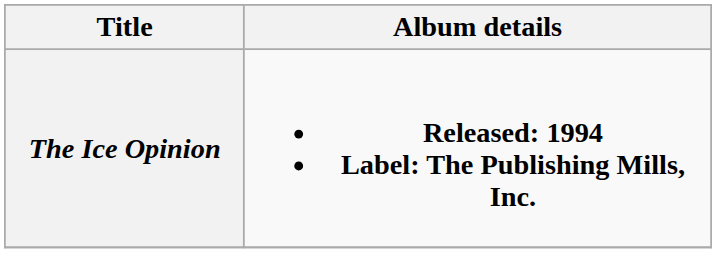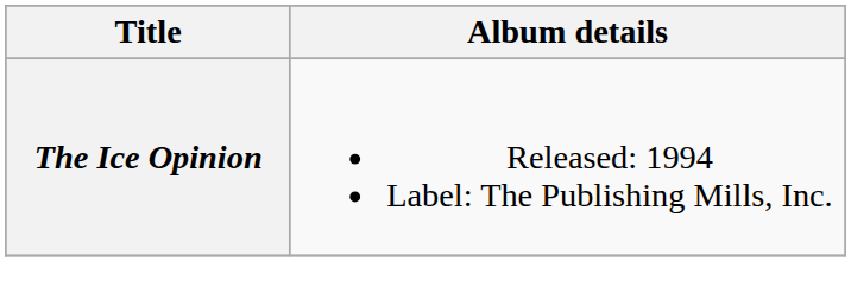 <table class="wikitable plainrowheaders" style="text-align:center;" border="1">
 <tr>
 <th scope="col" style="width:8em;">Title</th>
 <th scope="col" style="width:16em;">Album details</th>
 </tr>
 <tr>
 <th scope="row"><em>The Ice Opinion</em></th>
-<td><strong><br><ul><li>Released: 1994</li><li>Label: The Publishing Mills, Inc.</li></ul></strong></td>
+<td><br><ul><li>Released: 1994</li><li>Label: The Publishing Mills, Inc.</li></ul></td>
 </tr>
 <tr>
 </tr>
 </table>
